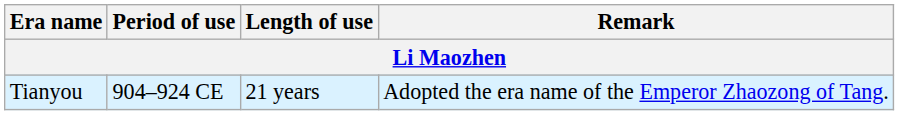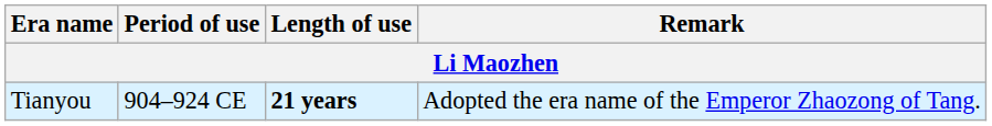 <table class="wikitable">
 <tr>
 <th>Era name</th>
 <th>Period of use</th>
 <th>Length of use</th>
 <th>Remark</th>
 </tr>
 <tr>
 <th colspan="4"><a href='#'>Li Maozhen</a><br></th>
 </tr>
 <tr style="background:#DAF2FF;">
 <td>Tianyou<br></td>
 <td>904–924 CE</td>
-<td>21 years</td>
+<td><strong>21 years</strong></td>
 <td>Adopted the era name of the <a href='#'>Emperor Zhaozong of Tang</a>.</td>
 </tr>
 </table>
